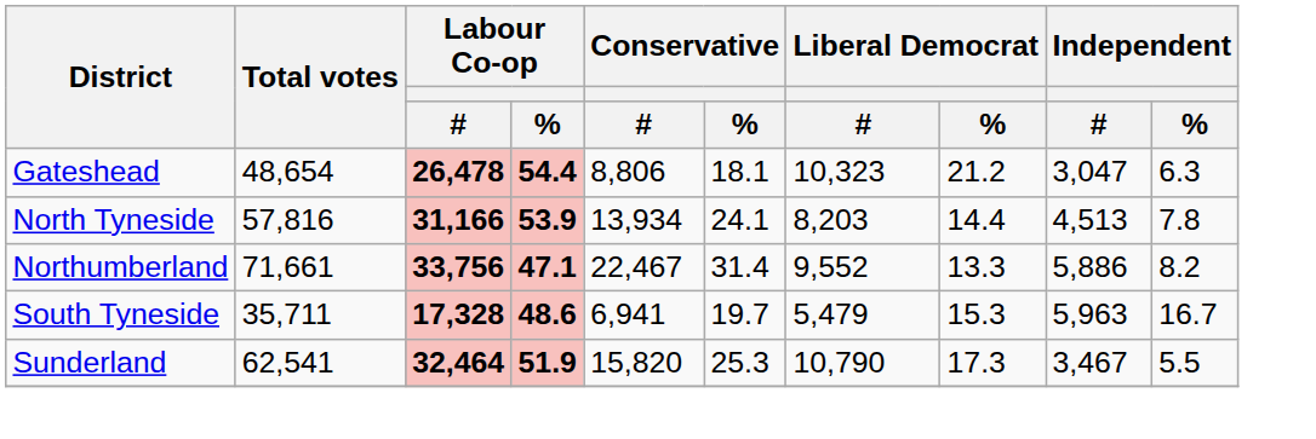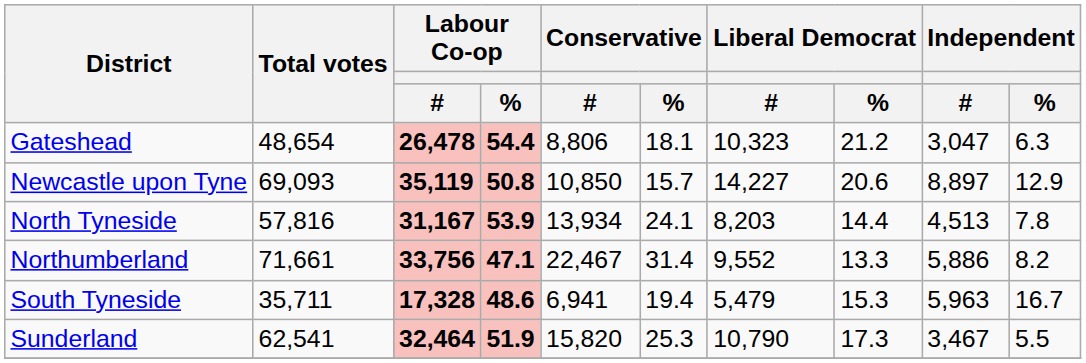 <table class="wikitable sortable">
 <tr>
 <th rowspan=3>District</th>
 <th rowspan=3>Total votes</th>
 <th colspan="2">Labour<br>Co-op</th>
 <th colspan="2">Conservative</th>
 <th colspan="2">Liberal Democrat</th>
 <th colspan="2">Independent</th>
 </tr>
 <tr>
 <th colspan="2" style="background:"></th>
 <th colspan="2" style="background:"></th>
 <th colspan="2" style="background:"></th>
 <th colspan="2" style="background:"></th>
 </tr>
 <tr>
 <th>#</th>
 <th>%</th>
 <th>#</th>
 <th>%</th>
 <th>#</th>
 <th>%</th>
 <th>#</th>
 <th>%</th>
 </tr>
 <tr>
 <td><a href='#'>Gateshead</a></td>
 <td>48,654</td>
 <td style="background:#F8C1BE;"><strong>26,478</strong></td>
 <td style="background:#F8C1BE;"><strong>54.4</strong></td>
 <td>8,806</td>
 <td>18.1</td>
 <td>10,323</td>
 <td>21.2</td>
 <td>3,047</td>
 <td>6.3</td>
 </tr>
 <tr>
+<td><a href='#'>Newcastle upon Tyne</a></td>
+<td>69,093</td>
+<td style="background:#F8C1BE;"><strong>35,119</strong></td>
+<td style="background:#F8C1BE;"><strong>50.8</strong></td>
+<td>10,850</td>
+<td>15.7</td>
+<td>14,227</td>
+<td>20.6</td>
+<td>8,897</td>
+<td>12.9</td>
+</tr>
+<tr>
 <td><a href='#'>North Tyneside</a></td>
 <td>57,816</td>
-<td style="background:#F8C1BE;"><strong>31,166</strong></td>
+<td style="background:#F8C1BE;"><strong>31,167</strong></td>
 <td style="background:#F8C1BE;"><strong>53.9</strong></td>
 <td>13,934</td>
 <td>24.1</td>
 <td>8,203</td>
 <td>14.4</td>
 <td>4,513</td>
 <td>7.8</td>
 </tr>
 <tr>
 <td><a href='#'>Northumberland</a></td>
 <td>71,661</td>
 <td style="background:#F8C1BE;"><strong>33,756</strong></td>
 <td style="background:#F8C1BE;"><strong>47.1</strong></td>
 <td>22,467</td>
 <td>31.4</td>
 <td>9,552</td>
 <td>13.3</td>
 <td>5,886</td>
 <td>8.2</td>
 </tr>
 <tr>
 <td><a href='#'>South Tyneside</a></td>
 <td>35,711</td>
 <td style="background:#F8C1BE;"><strong>17,328</strong></td>
 <td style="background:#F8C1BE;"><strong>48.6</strong></td>
 <td>6,941</td>
-<td>19.7</td>
+<td>19.4</td>
 <td>5,479</td>
 <td>15.3</td>
 <td>5,963</td>
 <td>16.7</td>
 </tr>
 <tr>
 <td><a href='#'>Sunderland</a></td>
 <td>62,541</td>
 <td style="background:#F8C1BE;"><strong>32,464</strong></td>
 <td style="background:#F8C1BE;"><strong>51.9</strong></td>
 <td>15,820</td>
 <td>25.3</td>
 <td>10,790</td>
 <td>17.3</td>
 <td>3,467</td>
 <td>5.5</td>
 </tr>
 <tr>
 </tr>
 </table>
